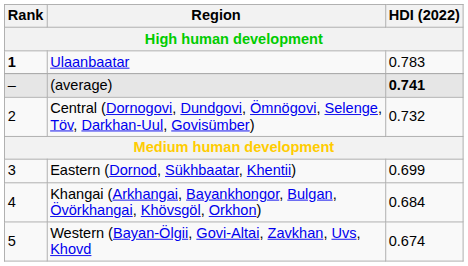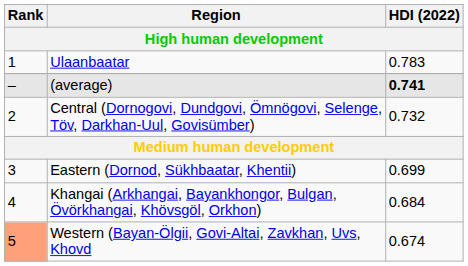 <table class="wikitable sortable">
 <tr>
 <th class="sort">Rank</th>
 <th class="sort">Region</th>
 <th class="sort">HDI (2022)</th>
 </tr>
 <tr>
 <th colspan="3" style="color:#0c0;">High human development</th>
 </tr>
 <tr>
-<td><strong>1</strong></td>
+<td>1</td>
 <td style="text-align:left"> <a href='#'>Ulaanbaatar</a></td>
 <td>0.783</td>
 </tr>
 <tr>
 </tr>
 <tr style="background:#e6e6e6">
 <td>–</td>
 <td style="text-align:left"><strong></strong> (average)</td>
 <td><strong>0.741</strong></td>
 </tr>
 <tr>
 <td>2</td>
 <td style="text-align:left">Central (<a href='#'>Dornogovi</a>, <a href='#'>Dundgovi</a>, <a href='#'>Ömnögovi</a>, <a href='#'>Selenge</a>, <br><a href='#'>Töv</a>, <a href='#'>Darkhan-Uul</a>, <a href='#'>Govisümber</a>)</td>
 <td>0.732</td>
 </tr>
 <tr>
 <th colspan="3" style="color:#fc0;">Medium human development</th>
 </tr>
 <tr>
 <td>3</td>
 <td style="text-align:left">Eastern (<a href='#'>Dornod</a>, <a href='#'>Sükhbaatar</a>, <a href='#'>Khentii</a>)</td>
 <td>0.699</td>
 </tr>
 <tr>
 <td>4</td>
 <td style="text-align:left">Khangai (<a href='#'>Arkhangai</a>, <a href='#'>Bayankhongor</a>, <a href='#'>Bulgan</a>,<br><a href='#'>Övörkhangai</a>, <a href='#'>Khövsgöl</a>, <a href='#'>Orkhon</a>)</td>
 <td>0.684</td>
 </tr>
 <tr>
-<td>5</td>
+<td style="background: lightsalmon;">5</td>
 <td style="text-align:left">Western (<a href='#'>Bayan-Ölgii</a>, <a href='#'>Govi-Altai</a>, <a href='#'>Zavkhan</a>, <a href='#'>Uvs</a>,<br><a href='#'>Khovd</a></td>
 <td>0.674</td>
 </tr>
 </table>
